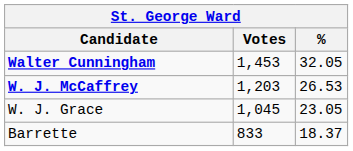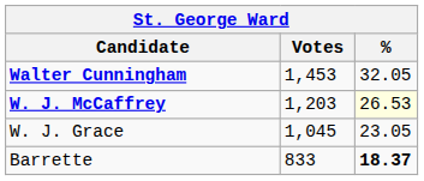 <table class="wikitable">
 <tr>
 <th colspan="3"><a href='#'>St. George Ward</a></th>
 </tr>
 <tr>
 <th style="width: 200px">Candidate</th>
 <th style="width: 50px">Votes</th>
 <th style="width: 40px">%</th>
 </tr>
 <tr>
 <td><strong><a href='#'>Walter Cunningham</a></strong></td>
 <td>1,453</td>
 <td>32.05</td>
 </tr>
 <tr>
 <td><strong><a href='#'>W. J. McCaffrey</a></strong></td>
 <td>1,203</td>
-<td>26.53</td>
+<td style="background: lightyellow;">26.53</td>
 </tr>
 <tr>
 <td>W. J. Grace</td>
 <td>1,045</td>
 <td>23.05</td>
 </tr>
 <tr>
 <td>Barrette</td>
 <td>833</td>
-<td>18.37</td>
+<td><strong>18.37</strong></td>
 </tr>
 </table>
